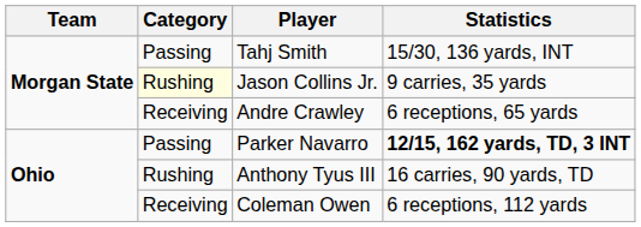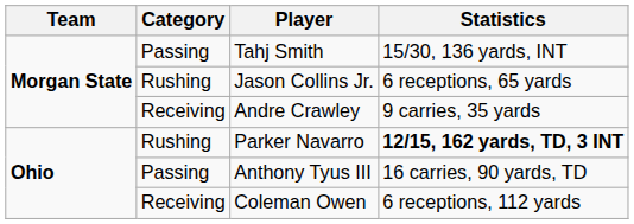 <table class="wikitable" style="float: right;">
 <tr>
 <th>Team</th>
 <th>Category</th>
 <th>Player</th>
 <th>Statistics</th>
 </tr>
 <tr>
 <td rowspan=3><strong>Morgan State</strong></td>
 <td>Passing</td>
 <td>Tahj Smith</td>
 <td>15/30, 136 yards, INT</td>
 </tr>
 <tr>
-<td style="background: lightyellow;">Rushing</td>
+<td>Rushing</td>
 <td>Jason Collins Jr.</td>
-<td>9 carries, 35 yards</td>
+<td>6 receptions, 65 yards</td>
 </tr>
 <tr>
 <td>Receiving</td>
 <td>Andre Crawley</td>
-<td>6 receptions, 65 yards</td>
+<td>9 carries, 35 yards</td>
 </tr>
 <tr>
 <td rowspan=3><strong>Ohio</strong></td>
-<td>Passing</td>
+<td>Rushing</td>
 <td>Parker Navarro</td>
 <td><strong>12/15, 162 yards, TD, 3 INT</strong></td>
 </tr>
 <tr>
-<td>Rushing</td>
+<td>Passing</td>
 <td>Anthony Tyus III</td>
 <td>16 carries, 90 yards, TD</td>
 </tr>
 <tr>
 <td>Receiving</td>
 <td>Coleman Owen</td>
 <td>6 receptions, 112 yards</td>
 </tr>
 </table>
